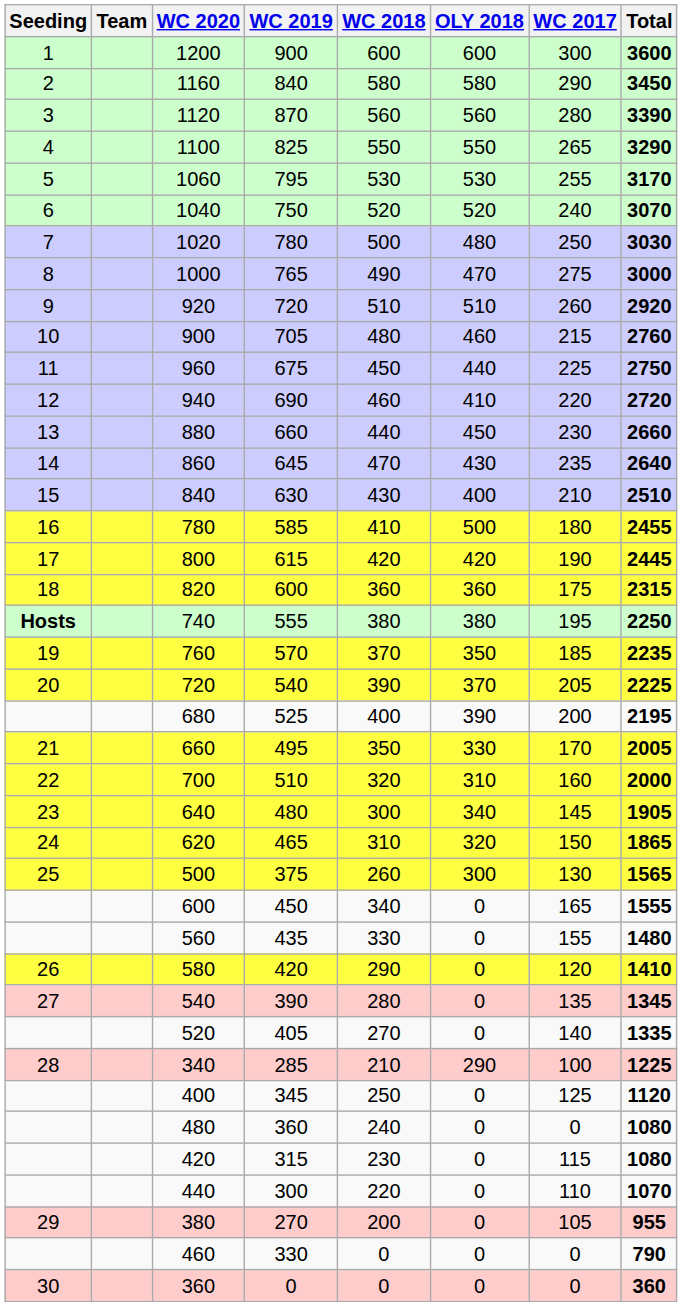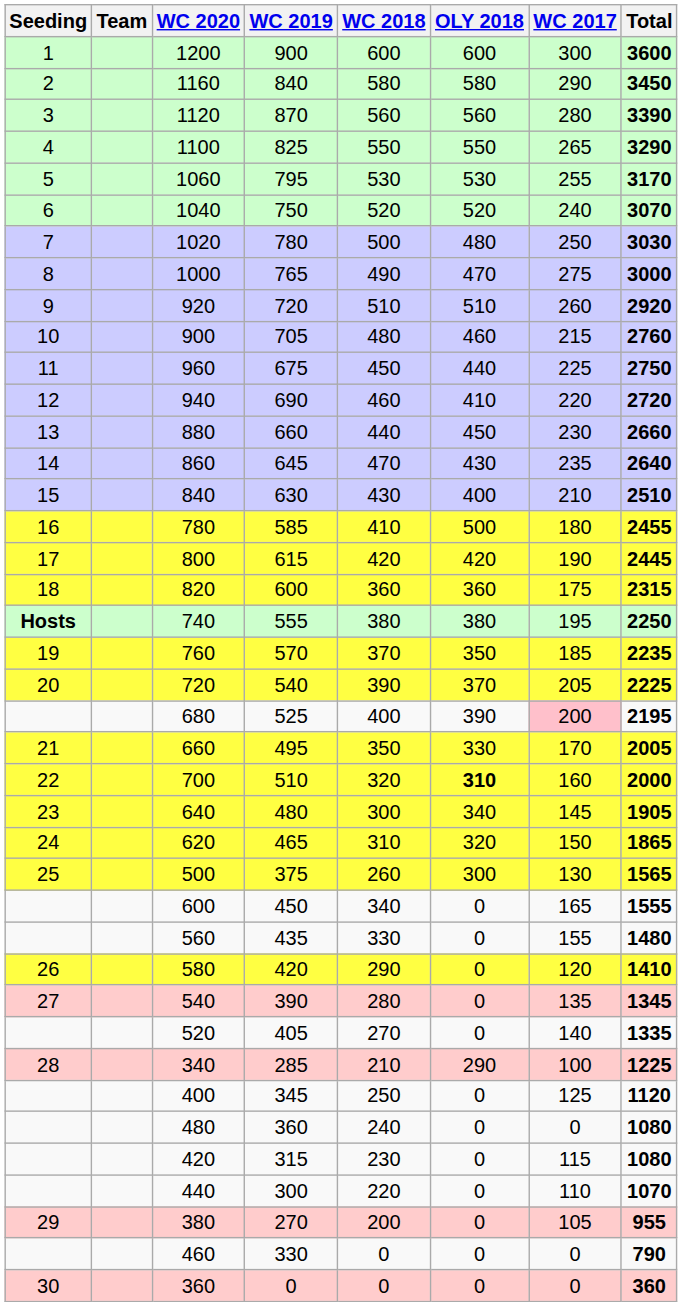 <table class="wikitable sortable" style="font-size:90%; text-align:center;margin: 1em auto 1em auto ">
 <tr>
 <th>Seeding</th>
 <th>Team</th>
 <th><a href='#'>WC 2020</a></th>
 <th><a href='#'>WC 2019</a></th>
 <th><a href='#'>WC 2018</a></th>
 <th><a href='#'>OLY 2018</a></th>
 <th><a href='#'>WC 2017</a></th>
 <th>Total</th>
 </tr>
 <tr style="background:#ccffcc;">
 <td>1</td>
 <td align=left></td>
 <td>1200</td>
 <td>900</td>
 <td>600</td>
 <td>600</td>
 <td>300</td>
 <td><strong>3600</strong></td>
 </tr>
 <tr style="background:#ccffcc;">
 <td>2</td>
 <td align=left></td>
 <td>1160</td>
 <td>840</td>
 <td>580</td>
 <td>580</td>
 <td>290</td>
 <td><strong>3450</strong></td>
 </tr>
 <tr style="background:#ccffcc;">
 <td>3</td>
 <td align=left></td>
 <td>1120</td>
 <td>870</td>
 <td>560</td>
 <td>560</td>
 <td>280</td>
 <td><strong>3390</strong></td>
 </tr>
 <tr style="background:#ccffcc;">
 <td>4</td>
 <td align=left></td>
 <td>1100</td>
 <td>825</td>
 <td>550</td>
 <td>550</td>
 <td>265</td>
 <td><strong>3290</strong></td>
 </tr>
 <tr style="background:#ccffcc;">
 <td>5</td>
 <td align=left></td>
 <td>1060</td>
 <td>795</td>
 <td>530</td>
 <td>530</td>
 <td>255</td>
 <td><strong>3170</strong></td>
 </tr>
 <tr style="background:#ccffcc;">
 <td>6</td>
 <td align=left></td>
 <td>1040</td>
 <td>750</td>
 <td>520</td>
 <td>520</td>
 <td>240</td>
 <td><strong>3070</strong></td>
 </tr>
 <tr style="background: #ccccff;">
 <td>7</td>
 <td align=left></td>
 <td>1020</td>
 <td>780</td>
 <td>500</td>
 <td>480</td>
 <td>250</td>
 <td><strong>3030</strong></td>
 </tr>
 <tr style="background: #ccccff;">
 <td>8</td>
 <td align=left></td>
 <td>1000</td>
 <td>765</td>
 <td>490</td>
 <td>470</td>
 <td>275</td>
 <td><strong>3000</strong></td>
 </tr>
 <tr style="background: #ccccff;">
 <td>9</td>
 <td align=left></td>
 <td>920</td>
 <td>720</td>
 <td>510</td>
 <td>510</td>
 <td>260</td>
 <td><strong>2920</strong></td>
 </tr>
 <tr style="background: #ccccff;">
 <td>10</td>
 <td align=left></td>
 <td>900</td>
 <td>705</td>
 <td>480</td>
 <td>460</td>
 <td>215</td>
 <td><strong>2760</strong></td>
 </tr>
 <tr style="background: #ccccff;">
 <td>11</td>
 <td align=left></td>
 <td>960</td>
 <td>675</td>
 <td>450</td>
 <td>440</td>
 <td>225</td>
 <td><strong>2750</strong></td>
 </tr>
 <tr style="background: #ccccff;">
 <td>12</td>
 <td align=left></td>
 <td>940</td>
 <td>690</td>
 <td>460</td>
 <td>410</td>
 <td>220</td>
 <td><strong>2720</strong></td>
 </tr>
 <tr style="background: #ccccff;">
 <td>13</td>
 <td align=left></td>
 <td>880</td>
 <td>660</td>
 <td>440</td>
 <td>450</td>
 <td>230</td>
 <td><strong>2660</strong></td>
 </tr>
 <tr style="background: #ccccff;">
 <td>14</td>
 <td align=left></td>
 <td>860</td>
 <td>645</td>
 <td>470</td>
 <td>430</td>
 <td>235</td>
 <td><strong>2640</strong></td>
 </tr>
 <tr style="background: #ccccff;">
 <td>15</td>
 <td align=left></td>
 <td>840</td>
 <td>630</td>
 <td>430</td>
 <td>400</td>
 <td>210</td>
 <td><strong>2510</strong></td>
 </tr>
 <tr style="background: #ffff42;">
 <td>16</td>
 <td align=left></td>
 <td>780</td>
 <td>585</td>
 <td>410</td>
 <td>500</td>
 <td>180</td>
 <td><strong>2455</strong></td>
 </tr>
 <tr style="background: #ffff42;">
 <td>17</td>
 <td align=left></td>
 <td>800</td>
 <td>615</td>
 <td>420</td>
 <td>420</td>
 <td>190</td>
 <td><strong>2445</strong></td>
 </tr>
 <tr style="background: #ffff42;">
 <td>18</td>
 <td align=left></td>
 <td>820</td>
 <td>600</td>
 <td>360</td>
 <td>360</td>
 <td>175</td>
 <td><strong>2315</strong></td>
 </tr>
 <tr style="background:#ccffcc;">
 <td><strong>Hosts</strong></td>
 <td align=left></td>
 <td>740</td>
 <td>555</td>
 <td>380</td>
 <td>380</td>
 <td>195</td>
 <td><strong>2250</strong></td>
 </tr>
 <tr style="background: #ffff42;">
 <td>19</td>
 <td align=left></td>
 <td>760</td>
 <td>570</td>
 <td>370</td>
 <td>350</td>
 <td>185</td>
 <td><strong>2235</strong></td>
 </tr>
 <tr style="background: #ffff42;">
 <td>20</td>
 <td align=left></td>
 <td>720</td>
 <td>540</td>
 <td>390</td>
 <td>370</td>
 <td>205</td>
 <td><strong>2225</strong></td>
 </tr>
 <tr>
 <td></td>
 <td align=left></td>
 <td>680</td>
 <td>525</td>
 <td>400</td>
 <td>390</td>
-<td>200</td>
+<td style="background: pink;">200</td>
 <td><strong>2195</strong></td>
 </tr>
 <tr style="background: #ffff42;">
 <td>21</td>
 <td align=left></td>
 <td>660</td>
 <td>495</td>
 <td>350</td>
 <td>330</td>
 <td>170</td>
 <td><strong>2005</strong></td>
 </tr>
 <tr style="background: #ffff42;">
 <td>22</td>
 <td align=left></td>
 <td>700</td>
 <td>510</td>
 <td>320</td>
-<td>310</td>
+<td><strong>310</strong></td>
 <td>160</td>
 <td><strong>2000</strong></td>
 </tr>
 <tr style="background: #ffff42;">
 <td>23</td>
 <td align=left></td>
 <td>640</td>
 <td>480</td>
 <td>300</td>
 <td>340</td>
 <td>145</td>
 <td><strong>1905</strong></td>
 </tr>
 <tr style="background: #ffff42;">
 <td>24</td>
 <td align=left></td>
 <td>620</td>
 <td>465</td>
 <td>310</td>
 <td>320</td>
 <td>150</td>
 <td><strong>1865</strong></td>
 </tr>
 <tr style="background: #ffff42;">
 <td>25</td>
 <td align=left></td>
 <td>500</td>
 <td>375</td>
 <td>260</td>
 <td>300</td>
 <td>130</td>
 <td><strong>1565</strong></td>
 </tr>
 <tr>
 <td></td>
 <td align=left></td>
 <td>600</td>
 <td>450</td>
 <td>340</td>
 <td>0</td>
 <td>165</td>
 <td><strong>1555</strong></td>
 </tr>
 <tr>
 <td></td>
 <td align=left></td>
 <td>560</td>
 <td>435</td>
 <td>330</td>
 <td>0</td>
 <td>155</td>
 <td><strong>1480</strong></td>
 </tr>
 <tr style="background: #ffff42;">
 <td>26</td>
 <td align=left></td>
 <td>580</td>
 <td>420</td>
 <td>290</td>
 <td>0</td>
 <td>120</td>
 <td><strong>1410</strong></td>
 </tr>
 <tr style="background: #ffcccc;">
 <td>27</td>
 <td align=left></td>
 <td>540</td>
 <td>390</td>
 <td>280</td>
 <td>0</td>
 <td>135</td>
 <td><strong>1345</strong></td>
 </tr>
 <tr>
 <td></td>
 <td align=left></td>
 <td>520</td>
 <td>405</td>
 <td>270</td>
 <td>0</td>
 <td>140</td>
 <td><strong>1335</strong></td>
 </tr>
 <tr style="background: #ffcccc;">
 <td>28</td>
 <td align=left></td>
 <td>340</td>
 <td>285</td>
 <td>210</td>
 <td>290</td>
 <td>100</td>
 <td><strong>1225</strong></td>
 </tr>
 <tr>
 <td></td>
 <td align=left></td>
 <td>400</td>
 <td>345</td>
 <td>250</td>
 <td>0</td>
 <td>125</td>
 <td><strong>1120</strong></td>
 </tr>
 <tr>
 <td></td>
 <td align=left></td>
 <td>480</td>
 <td>360</td>
 <td>240</td>
 <td>0</td>
 <td>0</td>
 <td><strong>1080</strong></td>
 </tr>
 <tr>
 <td></td>
 <td align=left></td>
 <td>420</td>
 <td>315</td>
 <td>230</td>
 <td>0</td>
 <td>115</td>
 <td><strong>1080</strong></td>
 </tr>
 <tr>
 <td></td>
 <td align=left></td>
 <td>440</td>
 <td>300</td>
 <td>220</td>
 <td>0</td>
 <td>110</td>
 <td><strong>1070</strong></td>
 </tr>
 <tr style="background: #ffcccc;">
 <td>29</td>
 <td align=left></td>
 <td>380</td>
 <td>270</td>
 <td>200</td>
 <td>0</td>
 <td>105</td>
 <td><strong>955</strong></td>
 </tr>
 <tr>
 <td></td>
 <td align=left></td>
 <td>460</td>
 <td>330</td>
 <td>0</td>
 <td>0</td>
 <td>0</td>
 <td><strong>790</strong></td>
 </tr>
 <tr style="background: #ffcccc;">
 <td>30</td>
 <td align=left></td>
 <td>360</td>
 <td>0</td>
 <td>0</td>
 <td>0</td>
 <td>0</td>
 <td><strong>360</strong></td>
 </tr>
 </table>
